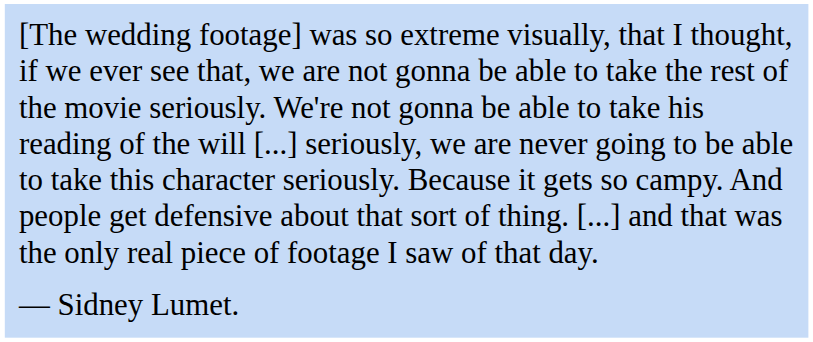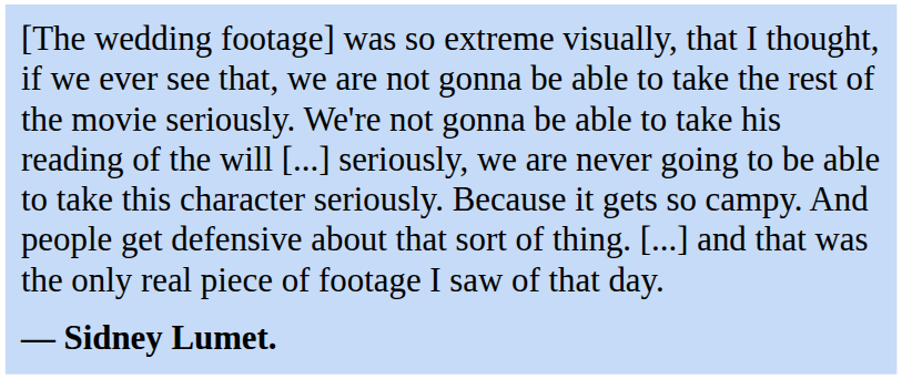 <table class="toccolours" style="float: right; margin-left: 1em; margin-right: 2em; font-size: 85%; background:#c6dbf7; color:black; width:30em; max-width: 40%;" cellspacing="5">
 <tr>
 <td style="text-align: left;">[The wedding footage] was so extreme visually, that I thought, if we ever see that, we are not gonna be able to take the rest of the movie seriously. We're not gonna be able to take his reading of the will [...] seriously, we are never going to be able to take this character seriously. Because it gets so campy. And people get defensive about that sort of thing. [...] and that was the only real piece of footage I saw of that day.</td>
 </tr>
 <tr>
-<td style="text-align: left;">— Sidney Lumet.</td>
+<td style="text-align: left;"><strong>— Sidney Lumet.</strong></td>
 </tr>
 </table>
